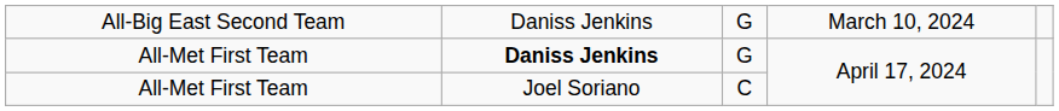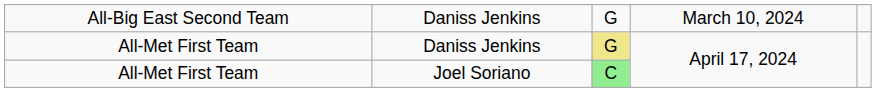 <table class="wikitable" style="width: 90%;text-align: center;">
 <tr align="center">
 <td rowspan="1">All-Big East Second Team</td>
 <td>Daniss Jenkins</td>
 <td>G</td>
 <td>March 10, 2024</td>
 <td></td>
 </tr>
 <tr align="center">
 <td rowspan="1">All-Met First Team</td>
-<td><strong>Daniss Jenkins</strong></td>
-<td>G</td>
+<td>Daniss Jenkins</td>
+<td style="background: khaki;">G</td>
 <td rowspan="2">April 17, 2024</td>
 <td rowspan="2"></td>
 </tr>
 <tr align="center">
 <td rowspan="1">All-Met First Team</td>
 <td>Joel Soriano</td>
-<td>C</td>
+<td style="background: lightgreen;">C</td>
 </tr>
 </table>
